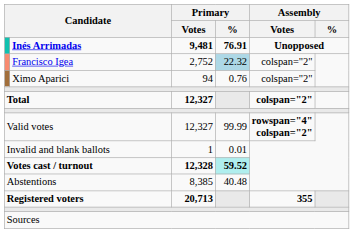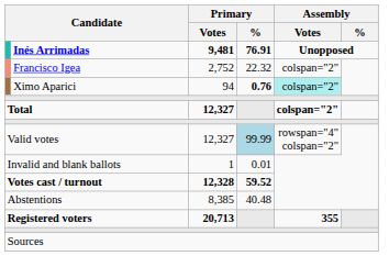 <table class="wikitable" style="text-align:right;">
 <tr>
 <th colspan="2" rowspan="2" width="250">Candidate</th>
 <th colspan="2">Primary</th>
 <th colspan="2">Assembly</th>
 </tr>
 <tr>
 <th width="60">Votes</th>
 <th width="45">%</th>
 <th width="50">Votes</th>
 <th width="45">%</th>
 </tr>
 <tr>
 <td width="1" style="color:inherit;background:#10C1AF"></td>
 <td align="left"><strong><a href='#'>Inés Arrimadas</a></strong></td>
 <td><strong>9,481</strong></td>
 <td><strong>76.91</strong></td>
 <td colspan="2" align="center"><strong>Unopposed</strong></td>
 </tr>
 <tr>
 <td style="color:inherit;background:#F88A6F"></td>
 <td align="left"><a href='#'>Francisco Igea</a></td>
 <td>2,752</td>
-<td style="background: lightblue;">22.32</td>
+<td>22.32</td>
 <td>colspan="2" </td>
 </tr>
 <tr>
 <td style="color:inherit;background:#A26F3B"></td>
 <td align="left">Ximo Aparici</td>
 <td>94</td>
-<td>0.76</td>
-<td>colspan="2" </td>
+<td><strong>0.76</strong></td>
+<td style="background: paleturquoise;">colspan="2" </td>
 </tr>
 <tr>
 <td colspan="6" bgcolor="#E9E9E9"></td>
 </tr>
 <tr style="font-weight:bold;">
 <td align="left" colspan="2">Total</td>
 <td>12,327</td>
 <td bgcolor="#E9E9E9"></td>
 <td>colspan="2" </td>
 </tr>
 <tr>
 <td colspan="6" bgcolor="#E9E9E9"></td>
 </tr>
 <tr>
 <td align="left" colspan="2">Valid votes</td>
 <td>12,327</td>
-<td>99.99</td>
-<td><strong>rowspan="4" colspan="2" </strong></td>
+<td style="background: lightblue;">99.99</td>
+<td>rowspan="4" colspan="2" </td>
 </tr>
 <tr>
 <td align="left" colspan="2">Invalid and blank ballots</td>
 <td>1</td>
 <td>0.01</td>
 </tr>
 <tr style="font-weight:bold;">
 <td align="left" colspan="2">Votes cast / turnout</td>
 <td>12,328</td>
-<td style="background: paleturquoise;">59.52</td>
+<td>59.52</td>
 </tr>
 <tr>
 <td align="left" colspan="2">Abstentions</td>
 <td>8,385</td>
 <td>40.48</td>
 </tr>
 <tr style="font-weight:bold;">
 <td align="left" colspan="2">Registered voters</td>
 <td>20,713</td>
 <td bgcolor="#E9E9E9"></td>
 <td>355</td>
 <td bgcolor="#E9E9E9"></td>
 </tr>
 <tr>
 <td colspan="6" bgcolor="#E9E9E9"></td>
 </tr>
 <tr>
 <td align="left" colspan="6">Sources</td>
 </tr>
 </table>
